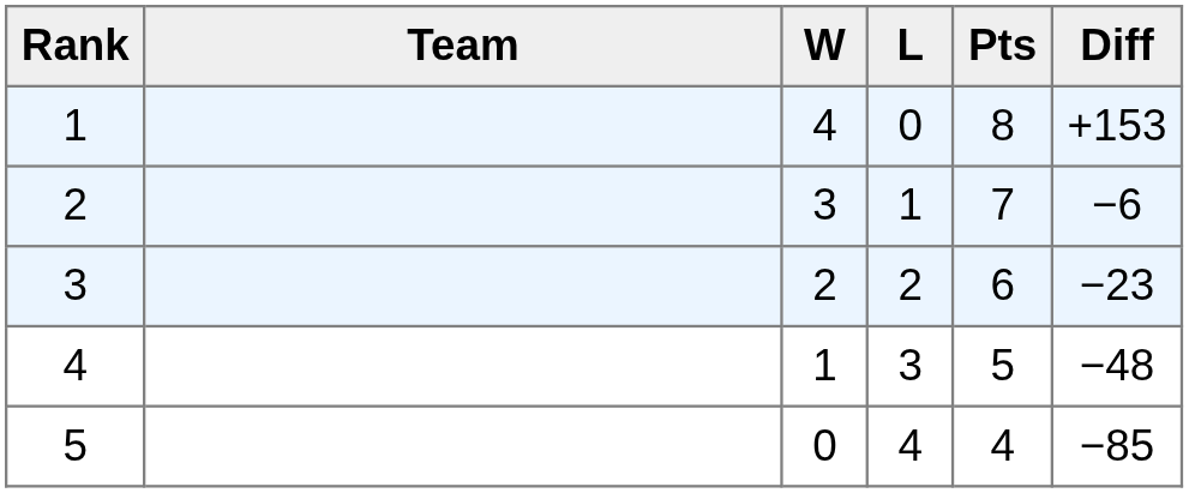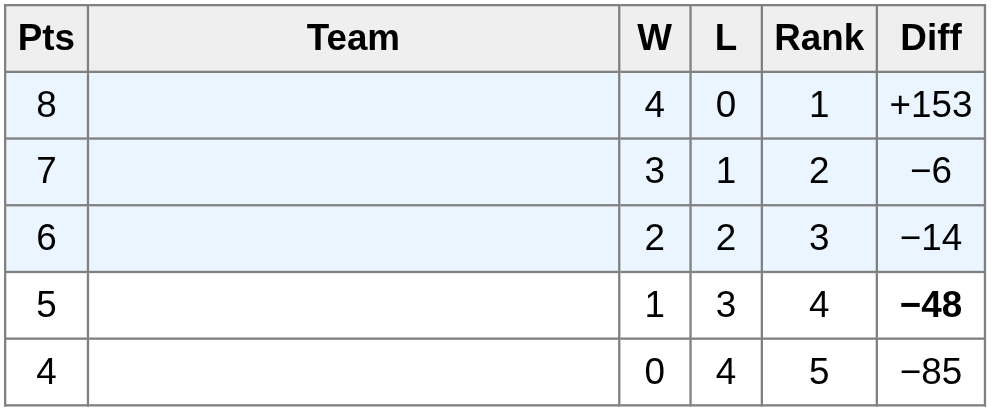 <table style=border-collapse:collapse border=1 cellspacing=0 cellpadding=5>
 <tr align=center bgcolor=#efefef>
-<th width=20>Rank</th>
+<th width=20>Pts</th>
 <th width=220>Team</th>
 <th width=20>W</th>
 <th width=20>L</th>
-<th width=20>Pts</th>
+<th width=20>Rank</th>
 <th width=25>Diff</th>
 </tr>
 <tr align=center bgcolor=#EBF5FF>
-<td>1</td>
+<td>8</td>
 <td align=left></td>
 <td>4</td>
 <td>0</td>
-<td>8</td>
+<td>1</td>
 <td>+153</td>
 </tr>
 <tr align=center bgcolor=#EBF5FF>
-<td>2</td>
+<td>7</td>
 <td align=left></td>
 <td>3</td>
 <td>1</td>
-<td>7</td>
+<td>2</td>
 <td>−6</td>
 </tr>
 <tr align=center bgcolor=#EBF5FF>
-<td>3</td>
+<td>6</td>
 <td align=left></td>
 <td>2</td>
 <td>2</td>
-<td>6</td>
-<td>−23</td>
+<td>3</td>
+<td>−14</td>
+</tr>
+<tr align=center>
+<td>5</td>
+<td align=left></td>
+<td>1</td>
+<td>3</td>
+<td>4</td>
+<td><strong>−48</strong></td>
 </tr>
 <tr align=center>
 <td>4</td>
 <td align=left></td>
-<td>1</td>
-<td>3</td>
-<td>5</td>
-<td>−48</td>
-</tr>
-<tr align=center>
-<td>5</td>
-<td align=left></td>
 <td>0</td>
 <td>4</td>
-<td>4</td>
+<td>5</td>
 <td>−85</td>
 </tr>
 </table>
